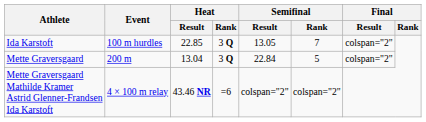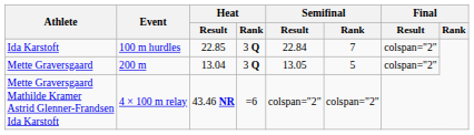 <table class="wikitable" style="font-size:90%">
 <tr>
 <th rowspan="2">Athlete</th>
 <th rowspan="2">Event</th>
 <th colspan="2">Heat</th>
 <th colspan="2">Semifinal</th>
 <th colspan="2">Final</th>
 </tr>
 <tr style="font-size:95%">
 <th>Result</th>
 <th>Rank</th>
 <th>Result</th>
 <th>Rank</th>
 <th>Result</th>
 <th>Rank</th>
 </tr>
 <tr align=center>
 <td align=left><a href='#'>Ida Karstoft</a></td>
 <td align=left><a href='#'>100 m hurdles</a></td>
 <td>22.85</td>
 <td>3 <strong>Q</strong></td>
-<td>13.05</td>
+<td>22.84</td>
 <td>7</td>
 <td>colspan="2" </td>
 </tr>
 <tr align=center>
 <td align=left><a href='#'>Mette Graversgaard</a></td>
 <td align=left><a href='#'>200 m</a></td>
 <td>13.04</td>
 <td>3 <strong>Q</strong></td>
-<td>22.84</td>
+<td>13.05</td>
 <td>5</td>
 <td>colspan="2" </td>
 </tr>
 <tr align=center>
 <td align=left><a href='#'>Mette Graversgaard</a><br><a href='#'>Mathilde Kramer</a><br><a href='#'>Astrid Glenner-Frandsen</a><br><a href='#'>Ida Karstoft</a></td>
 <td align=left><a href='#'>4 × 100 m relay</a></td>
 <td>43.46 <strong><a href='#'>NR</a></strong></td>
 <td>=6</td>
 <td>colspan="2" </td>
 <td>colspan="2" </td>
 </tr>
 </table>
